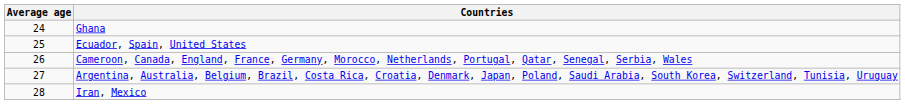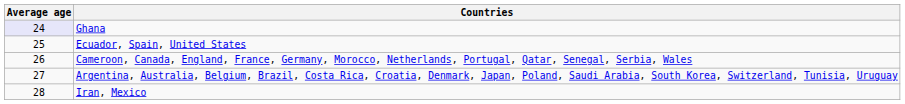 <table class="wikitable sortable">
 <tr>
 <th>Average age</th>
 <th>Countries</th>
 </tr>
 <tr>
-<td align="center">24</td>
+<td align="center" style="background: lavender;">24</td>
 <td><a href='#'>Ghana</a></td>
 </tr>
 <tr>
 <td align="center">25</td>
 <td><a href='#'>Ecuador</a>, <a href='#'>Spain</a>, <a href='#'>United States</a></td>
 </tr>
 <tr>
 <td align="center">26</td>
 <td><a href='#'>Cameroon</a>, <a href='#'>Canada</a>, <a href='#'>England</a>, <a href='#'>France</a>, <a href='#'>Germany</a>, <a href='#'>Morocco</a>, <a href='#'>Netherlands</a>, <a href='#'>Portugal</a>, <a href='#'>Qatar</a>, <a href='#'>Senegal</a>, <a href='#'>Serbia</a>, <a href='#'>Wales</a></td>
 </tr>
 <tr>
 <td align="center">27</td>
 <td><a href='#'>Argentina</a>, <a href='#'>Australia</a>, <a href='#'>Belgium</a>, <a href='#'>Brazil</a>, <a href='#'>Costa Rica</a>, <a href='#'>Croatia</a>, <a href='#'>Denmark</a>, <a href='#'>Japan</a>, <a href='#'>Poland</a>, <a href='#'>Saudi Arabia</a>, <a href='#'>South Korea</a>, <a href='#'>Switzerland</a>, <a href='#'>Tunisia</a>, <a href='#'>Uruguay</a></td>
 </tr>
 <tr>
 <td align="center">28</td>
 <td><a href='#'>Iran</a>, <a href='#'>Mexico</a></td>
 </tr>
 </table>
